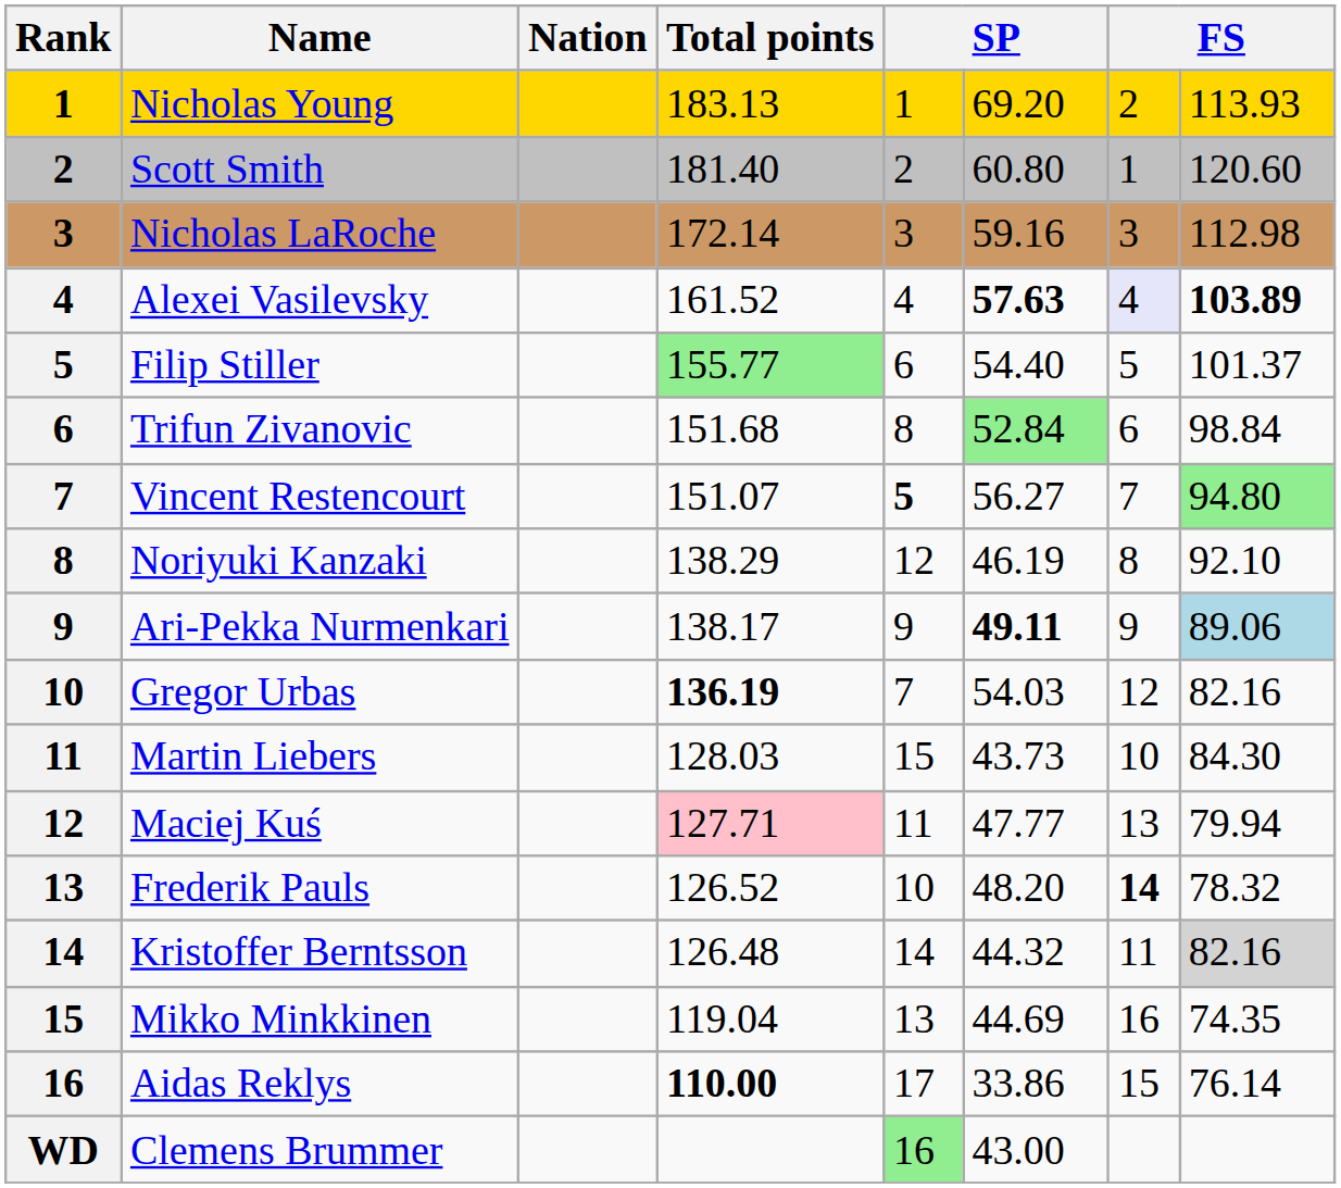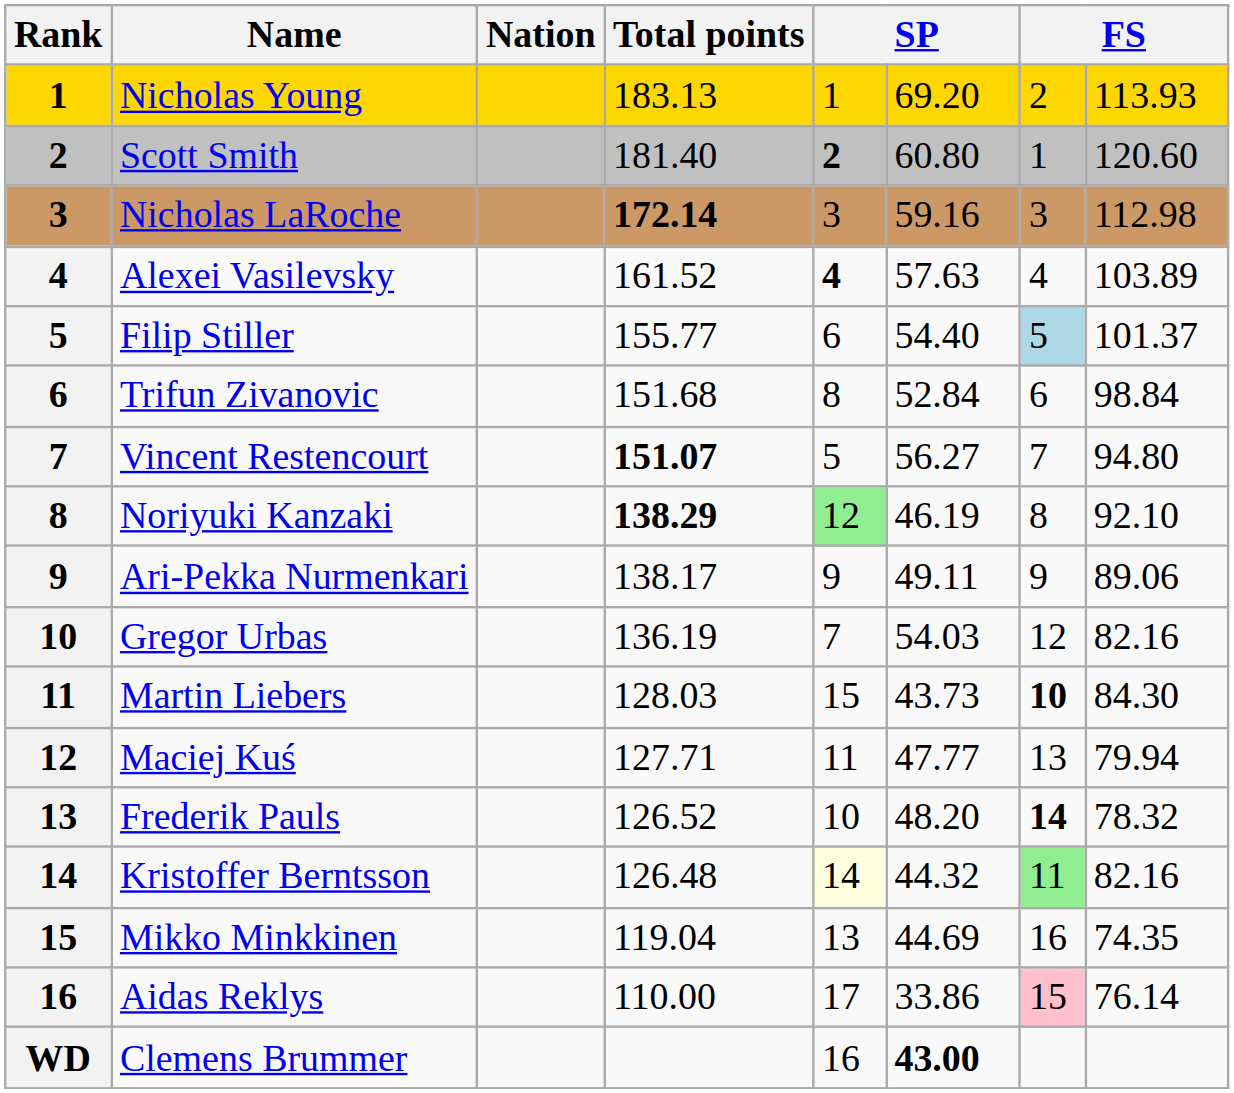 <table class="wikitable">
 <tr>
 <th>Rank</th>
 <th>Name</th>
 <th>Nation</th>
 <th>Total points</th>
 <th colspan="2" width="80px"><a href='#'>SP</a></th>
 <th colspan="2" width="80px"><a href='#'>FS</a></th>
 </tr>
 <tr bgcolor="gold">
 <td align="center"><strong>1</strong></td>
 <td><a href='#'>Nicholas Young</a></td>
 <td></td>
 <td>183.13</td>
 <td>1</td>
 <td>69.20</td>
 <td>2</td>
 <td>113.93</td>
 </tr>
 <tr bgcolor="silver">
 <td align="center"><strong>2</strong></td>
 <td><a href='#'>Scott Smith</a></td>
 <td></td>
 <td>181.40</td>
-<td>2</td>
+<td><strong>2</strong></td>
 <td>60.80</td>
 <td>1</td>
 <td>120.60</td>
 </tr>
 <tr bgcolor="cc9966">
 <td align="center"><strong>3</strong></td>
 <td><a href='#'>Nicholas LaRoche</a></td>
 <td></td>
-<td>172.14</td>
+<td><strong>172.14</strong></td>
 <td>3</td>
 <td>59.16</td>
 <td>3</td>
 <td>112.98</td>
 </tr>
 <tr>
 <th>4</th>
 <td><a href='#'>Alexei Vasilevsky</a></td>
 <td></td>
 <td>161.52</td>
+<td><strong>4</strong></td>
+<td>57.63</td>
 <td>4</td>
-<td><strong>57.63</strong></td>
-<td style="background: lavender;">4</td>
-<td><strong>103.89</strong></td>
+<td>103.89</td>
 </tr>
 <tr>
 <th>5</th>
 <td><a href='#'>Filip Stiller</a></td>
 <td></td>
-<td style="background: lightgreen;">155.77</td>
+<td>155.77</td>
 <td>6</td>
 <td>54.40</td>
-<td>5</td>
+<td style="background: lightblue;">5</td>
 <td>101.37</td>
 </tr>
 <tr>
 <th>6</th>
 <td><a href='#'>Trifun Zivanovic</a></td>
 <td></td>
 <td>151.68</td>
 <td>8</td>
-<td style="background: lightgreen;">52.84</td>
+<td>52.84</td>
 <td>6</td>
 <td>98.84</td>
 </tr>
 <tr>
 <th>7</th>
 <td><a href='#'>Vincent Restencourt</a></td>
 <td></td>
-<td>151.07</td>
-<td><strong>5</strong></td>
+<td><strong>151.07</strong></td>
+<td>5</td>
 <td>56.27</td>
 <td>7</td>
-<td style="background: lightgreen;">94.80</td>
+<td>94.80</td>
 </tr>
 <tr>
 <th>8</th>
 <td><a href='#'>Noriyuki Kanzaki</a></td>
 <td></td>
-<td>138.29</td>
-<td>12</td>
+<td><strong>138.29</strong></td>
+<td style="background: lightgreen;">12</td>
 <td>46.19</td>
 <td>8</td>
 <td>92.10</td>
 </tr>
 <tr>
 <th>9</th>
 <td><a href='#'>Ari-Pekka Nurmenkari</a></td>
 <td></td>
 <td>138.17</td>
 <td>9</td>
-<td><strong>49.11</strong></td>
+<td>49.11</td>
 <td>9</td>
-<td style="background: lightblue;">89.06</td>
+<td>89.06</td>
 </tr>
 <tr>
 <th>10</th>
 <td><a href='#'>Gregor Urbas</a></td>
 <td></td>
-<td><strong>136.19</strong></td>
+<td>136.19</td>
 <td>7</td>
 <td>54.03</td>
 <td>12</td>
 <td>82.16</td>
 </tr>
 <tr>
 <th>11</th>
 <td><a href='#'>Martin Liebers</a></td>
 <td></td>
 <td>128.03</td>
 <td>15</td>
 <td>43.73</td>
-<td>10</td>
+<td><strong>10</strong></td>
 <td>84.30</td>
 </tr>
 <tr>
 <th>12</th>
 <td><a href='#'>Maciej Kuś</a></td>
 <td></td>
-<td style="background: pink;">127.71</td>
+<td>127.71</td>
 <td>11</td>
 <td>47.77</td>
 <td>13</td>
 <td>79.94</td>
 </tr>
 <tr>
 <th>13</th>
 <td><a href='#'>Frederik Pauls</a></td>
 <td></td>
 <td>126.52</td>
 <td>10</td>
 <td>48.20</td>
 <td><strong>14</strong></td>
 <td>78.32</td>
 </tr>
 <tr>
 <th>14</th>
 <td><a href='#'>Kristoffer Berntsson</a></td>
 <td></td>
 <td>126.48</td>
-<td>14</td>
+<td style="background: lightyellow;">14</td>
 <td>44.32</td>
-<td>11</td>
-<td style="background: lightgrey;">82.16</td>
+<td style="background: lightgreen;">11</td>
+<td>82.16</td>
 </tr>
 <tr>
 <th>15</th>
 <td><a href='#'>Mikko Minkkinen</a></td>
 <td></td>
 <td>119.04</td>
 <td>13</td>
 <td>44.69</td>
 <td>16</td>
 <td>74.35</td>
 </tr>
 <tr>
 <th>16</th>
 <td><a href='#'>Aidas Reklys</a></td>
 <td></td>
-<td><strong>110.00</strong></td>
+<td>110.00</td>
 <td>17</td>
 <td>33.86</td>
-<td>15</td>
+<td style="background: pink;">15</td>
 <td>76.14</td>
 </tr>
 <tr>
 <th>WD</th>
 <td><a href='#'>Clemens Brummer</a></td>
 <td></td>
 <td></td>
-<td style="background: lightgreen;">16</td>
-<td>43.00</td>
+<td>16</td>
+<td><strong>43.00</strong></td>
 <td></td>
 <td></td>
 </tr>
 </table>
